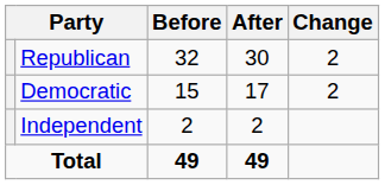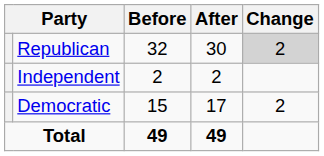 <table class="wikitable" style="text-align:center;">
 <tr>
 <th colspan="2">Party</th>
 <th>Before</th>
 <th>After</th>
 <th>Change</th>
 </tr>
 <tr>
 <th style="background-color:"></th>
 <td style="text-align:left;"><a href='#'>Republican</a></td>
 <td>32</td>
 <td>30</td>
-<td> 2</td>
+<td style="background: lightgrey;"> 2</td>
+</tr>
+<tr>
+<th style="background-color:"></th>
+<td style="text-align:left;"><a href='#'>Independent</a></td>
+<td>2</td>
+<td>2</td>
+<td></td>
 </tr>
 <tr>
 <th style="background-color:"></th>
 <td style="text-align:left;"><a href='#'>Democratic</a></td>
 <td>15</td>
 <td>17</td>
 <td> 2</td>
 </tr>
 <tr>
-<th style="background-color:"></th>
-<td style="text-align:left;"><a href='#'>Independent</a></td>
-<td>2</td>
-<td>2</td>
-<td></td>
-</tr>
-<tr>
 <td colspan="2"><strong>Total</strong></td>
 <td><strong>49</strong></td>
 <td><strong>49</strong></td>
 <td></td>
 </tr>
 </table>
